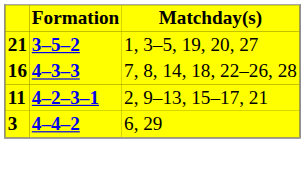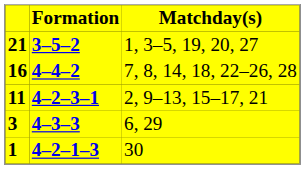 <table class="toccolours" border="0" cellpadding="2" cellspacing="0" align="center" style="margin: 0.5em 0 1em 1em; background: #000000; border: 1px #aaaaaa solid;">
 <tr bgcolor=#FFFF00>
 <th></th>
 <th>Formation</th>
 <th>Matchday(s)</th>
 </tr>
 <tr bgcolor=#FFFF00>
 <td><strong>21</strong></td>
 <td><a href='#'><span><strong>3–5–2</strong></span></a></td>
 <td>1, 3–5, 19, 20, 27</td>
 </tr>
 <tr bgcolor=#FFFF00>
 <td><strong>16</strong></td>
-<td><a href='#'><span><strong>4–3–3</strong></span></a></td>
+<td><a href='#'><span><strong>4–4–2</strong></span></a></td>
 <td>7, 8, 14, 18, 22–26, 28</td>
 </tr>
 <tr bgcolor=#FFFF00>
 <td><strong>11</strong></td>
 <td><a href='#'><span><strong>4–2–3–1</strong></span></a></td>
 <td>2, 9–13, 15–17, 21</td>
 </tr>
 <tr bgcolor=#FFFF00>
 <td><strong>3</strong></td>
-<td><a href='#'><span><strong>4–4–2</strong></span></a></td>
+<td><a href='#'><span><strong>4–3–3</strong></span></a></td>
 <td>6, 29</td>
 </tr>
+<tr bgcolor=#FFFF00>
+<td><strong>1</strong></td>
+<td><a href='#'><span><strong>4–2–1–3</strong></span></a></td>
+<td>30</td>
+</tr>
 </table>
